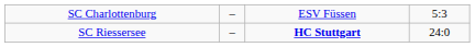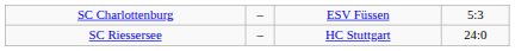 <table class="wikitable" width="50%">
 <tr align="center">
 <td><a href='#'>SC Charlottenburg</a></td>
 <td>–</td>
 <td><a href='#'>ESV Füssen</a></td>
 <td>5:3</td>
 </tr>
 <tr align="center">
 <td><a href='#'>SC Riessersee</a></td>
 <td>–</td>
-<td><strong><a href='#'>HC Stuttgart</a></strong></td>
+<td><a href='#'>HC Stuttgart</a></td>
 <td>24:0</td>
 </tr>
 </table>
